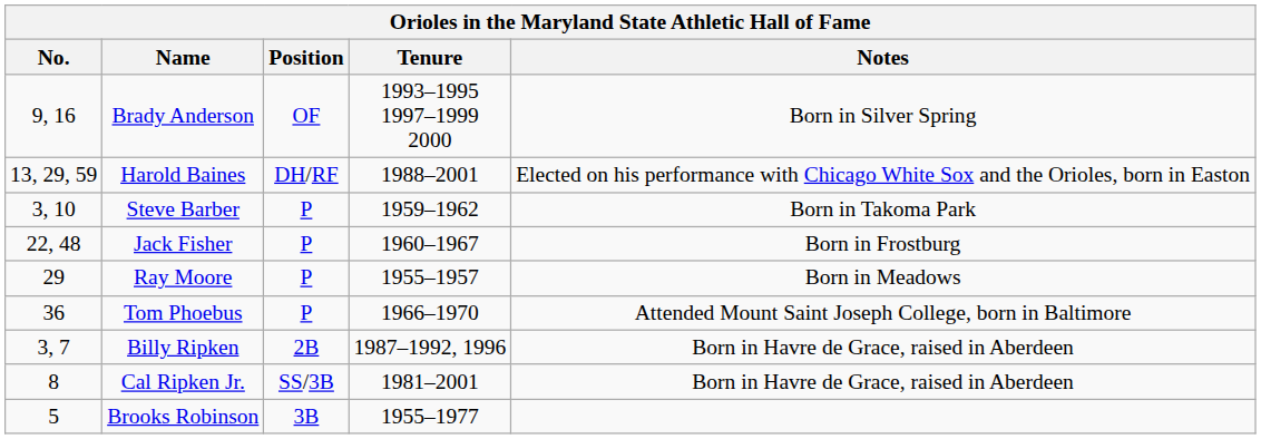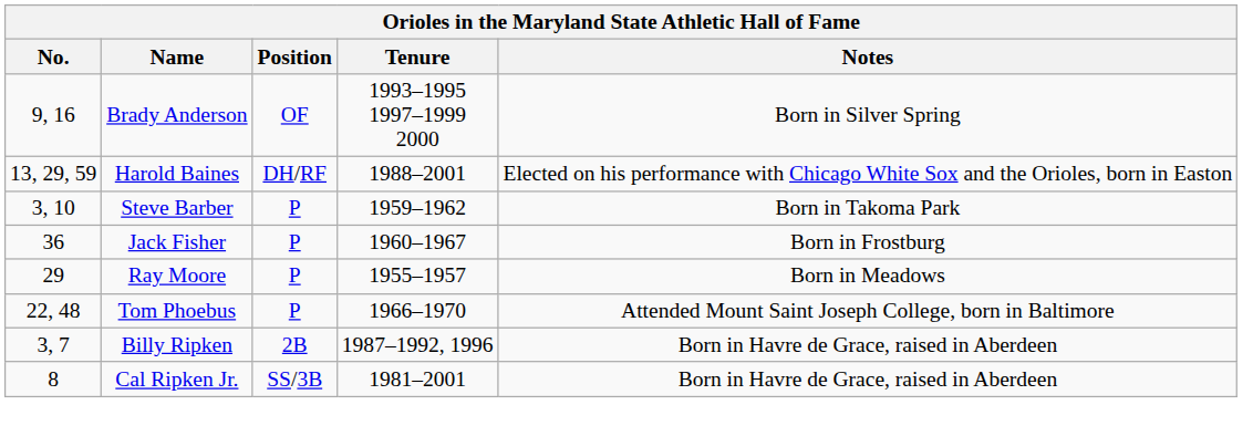 <table class="wikitable" style="text-align:center">
 <tr>
 <th colspan="5"><strong>Orioles in the Maryland State Athletic Hall of Fame</strong></th>
 </tr>
 <tr>
 <th>No.</th>
 <th>Name</th>
 <th>Position</th>
 <th>Tenure</th>
 <th>Notes</th>
 </tr>
 <tr>
 <td>9, 16</td>
 <td><a href='#'>Brady Anderson</a></td>
 <td><a href='#'>OF</a></td>
 <td>1993–1995<br>1997–1999<br>2000</td>
 <td>Born in Silver Spring</td>
 </tr>
 <tr>
 <td>13, 29, 59</td>
 <td><a href='#'>Harold Baines</a></td>
 <td><a href='#'>DH</a>/<a href='#'>RF</a></td>
 <td>1988–2001</td>
 <td>Elected on his performance with <a href='#'>Chicago White Sox</a> and the Orioles, born in Easton</td>
 </tr>
 <tr>
 <td>3, 10</td>
 <td><a href='#'>Steve Barber</a></td>
 <td><a href='#'>P</a></td>
 <td>1959–1962</td>
 <td>Born in Takoma Park</td>
 </tr>
 <tr>
-<td>22, 48</td>
+<td>36</td>
 <td><a href='#'>Jack Fisher</a></td>
 <td><a href='#'>P</a></td>
 <td>1960–1967</td>
 <td>Born in Frostburg</td>
 </tr>
 <tr>
 <td>29</td>
 <td><a href='#'>Ray Moore</a></td>
 <td><a href='#'>P</a></td>
 <td>1955–1957</td>
 <td>Born in Meadows</td>
 </tr>
 <tr>
-<td>36</td>
+<td>22, 48</td>
 <td><a href='#'>Tom Phoebus</a></td>
 <td><a href='#'>P</a></td>
 <td>1966–1970</td>
 <td>Attended Mount Saint Joseph College, born in Baltimore</td>
 </tr>
 <tr>
 <td>3, 7</td>
 <td><a href='#'>Billy Ripken</a></td>
 <td><a href='#'>2B</a></td>
 <td>1987–1992, 1996</td>
 <td>Born in Havre de Grace, raised in Aberdeen</td>
 </tr>
 <tr>
 <td>8</td>
 <td><a href='#'>Cal Ripken Jr.</a></td>
 <td><a href='#'>SS</a>/<a href='#'>3B</a></td>
 <td>1981–2001</td>
 <td>Born in Havre de Grace, raised in Aberdeen</td>
 </tr>
-<tr>
-<td>5</td>
-<td><a href='#'>Brooks Robinson</a></td>
-<td><a href='#'>3B</a></td>
-<td>1955–1977</td>
-<td></td>
-</tr>
 </table>
